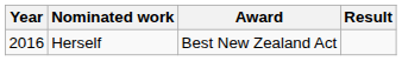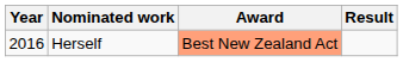 <table class="wikitable">
 <tr>
 <th>Year</th>
 <th>Nominated work</th>
 <th>Award</th>
 <th>Result</th>
 </tr>
 <tr>
 <td rowspan="2">2016</td>
 <td rowspan="2">Herself</td>
-<td>Best New Zealand Act</td>
+<td style="background: lightsalmon;">Best New Zealand Act</td>
 <td></td>
 </tr>
 </table>
